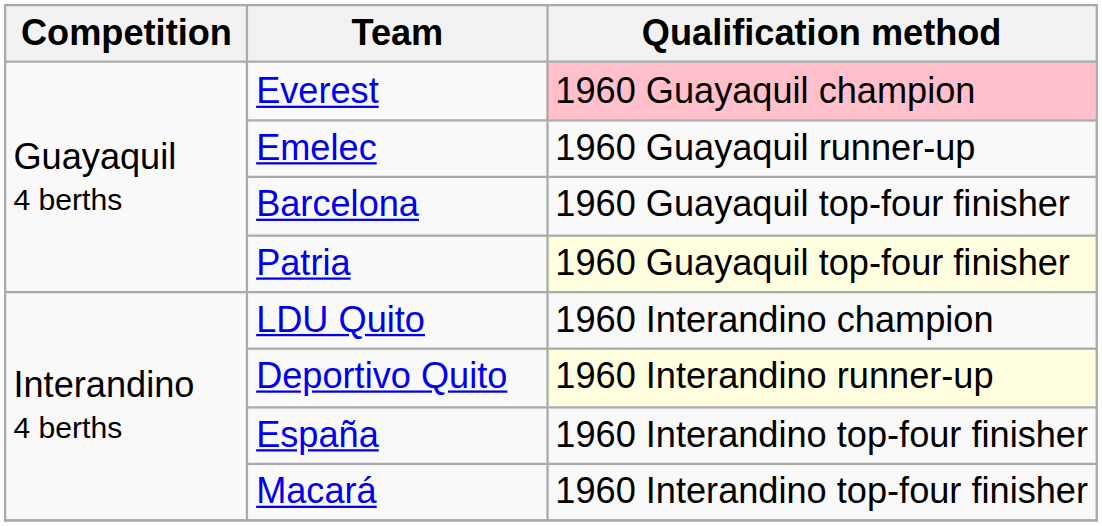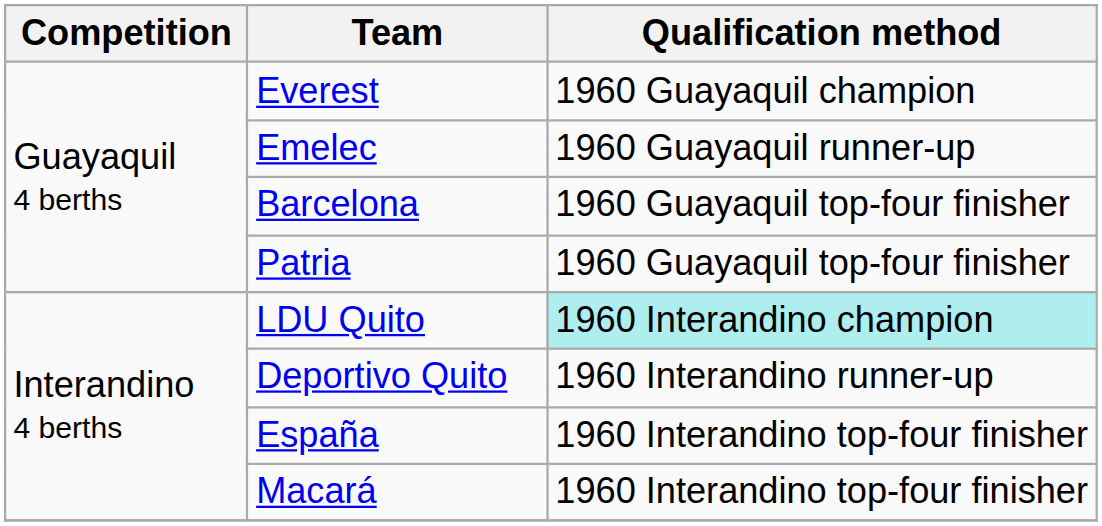 <table class="wikitable">
 <tr>
 <th width=100>Competition</th>
 <th width=125>Team</th>
 <th>Qualification method</th>
 </tr>
 <tr>
 <td rowspan="4">Guayaquil<br><small>4 berths</small></td>
 <td><a href='#'>Everest</a></td>
-<td style="background: pink;">1960 Guayaquil champion</td>
+<td>1960 Guayaquil champion</td>
 </tr>
 <tr>
 <td><a href='#'>Emelec</a></td>
 <td>1960 Guayaquil runner-up</td>
 </tr>
 <tr>
 <td><a href='#'>Barcelona</a></td>
 <td>1960 Guayaquil top-four finisher</td>
 </tr>
 <tr>
 <td><a href='#'>Patria</a></td>
-<td style="background: lightyellow;">1960 Guayaquil top-four finisher</td>
+<td>1960 Guayaquil top-four finisher</td>
 </tr>
 <tr>
 <td rowspan="4">Interandino<br><small>4 berths</small></td>
 <td><a href='#'>LDU Quito</a></td>
-<td>1960 Interandino champion</td>
+<td style="background: paleturquoise;">1960 Interandino champion</td>
 </tr>
 <tr>
 <td><a href='#'>Deportivo Quito</a></td>
-<td style="background: lightyellow;">1960 Interandino runner-up</td>
+<td>1960 Interandino runner-up</td>
 </tr>
 <tr>
 <td><a href='#'>España</a></td>
 <td>1960 Interandino top-four finisher</td>
 </tr>
 <tr>
 <td><a href='#'>Macará</a></td>
 <td>1960 Interandino top-four finisher</td>
 </tr>
 <tr>
 </tr>
 </table>
